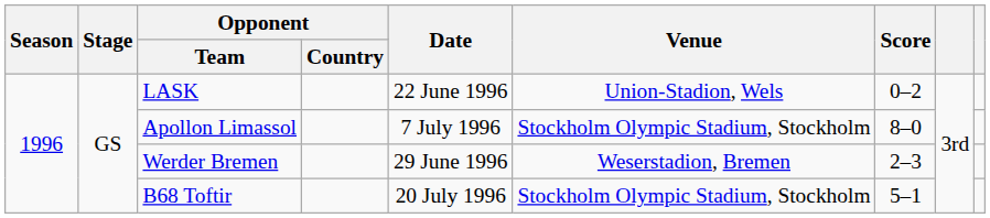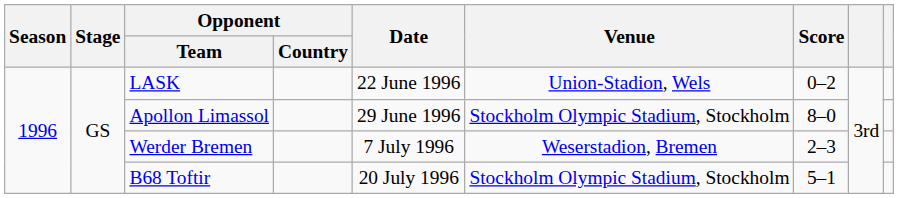 <table class="wikitable" style="text-align: center; font-size: 97%;">
 <tr>
 <th rowspan=2>Season</th>
 <th rowspan=2>Stage</th>
 <th scope="col" colspan=2>Opponent</th>
 <th scope="col" rowspan=2>Date</th>
 <th scope="col" rowspan=2>Venue</th>
 <th scope="col" rowspan=2>Score</th>
 <th scope="col" rowspan=2></th>
 <th scope="col" rowspan=2></th>
 </tr>
 <tr>
 <th scope="col">Team</th>
 <th scope="col">Country</th>
 </tr>
 <tr>
 <td rowspan=4><a href='#'>1996</a></td>
 <td rowspan=4>GS</td>
 <td align=left><a href='#'>LASK</a></td>
 <td align=left></td>
 <td>22 June 1996</td>
 <td><a href='#'>Union-Stadion</a>, <a href='#'>Wels</a></td>
 <td>0–2</td>
 <td rowspan=4>3rd</td>
 <td></td>
 </tr>
 <tr>
 <td align=left><a href='#'>Apollon Limassol</a></td>
 <td align=left></td>
-<td>7 July 1996</td>
+<td>29 June 1996</td>
 <td><a href='#'>Stockholm Olympic Stadium</a>, Stockholm</td>
 <td>8–0</td>
 <td></td>
 </tr>
 <tr>
 <td align=left><a href='#'>Werder Bremen</a></td>
 <td align=left></td>
-<td>29 June 1996</td>
+<td>7 July 1996</td>
 <td><a href='#'>Weserstadion</a>, <a href='#'>Bremen</a></td>
 <td>2–3</td>
 <td></td>
 </tr>
 <tr>
 <td align=left><a href='#'>B68 Toftir</a></td>
 <td align=left></td>
 <td>20 July 1996</td>
 <td><a href='#'>Stockholm Olympic Stadium</a>, Stockholm</td>
 <td>5–1</td>
 <td></td>
 </tr>
 </table>
